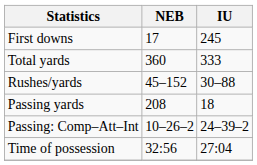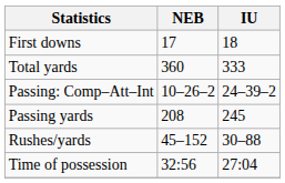 <table class="wikitable" style="float: left;">
 <tr>
 <th>Statistics</th>
 <th>NEB</th>
 <th>IU</th>
 </tr>
 <tr>
 <td>First downs</td>
 <td>17</td>
-<td>245</td>
+<td>18</td>
 </tr>
 <tr>
 <td>Total yards</td>
 <td>360</td>
 <td>333</td>
 </tr>
 <tr>
-<td>Rushes/yards</td>
-<td>45–152</td>
-<td>30–88</td>
+<td>Passing: Comp–Att–Int</td>
+<td>10–26–2</td>
+<td>24–39–2</td>
 </tr>
 <tr>
 <td>Passing yards</td>
 <td>208</td>
-<td>18</td>
+<td>245</td>
 </tr>
 <tr>
-<td>Passing: Comp–Att–Int</td>
-<td>10–26–2</td>
-<td>24–39–2</td>
+<td>Rushes/yards</td>
+<td>45–152</td>
+<td>30–88</td>
 </tr>
 <tr>
 <td>Time of possession</td>
 <td>32:56</td>
 <td>27:04</td>
 </tr>
 <tr>
 </tr>
 </table>
